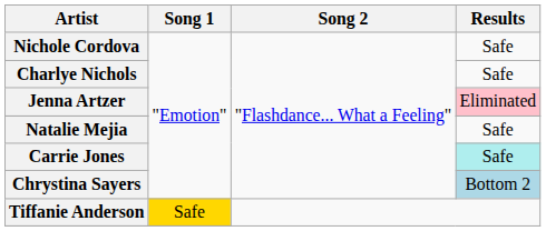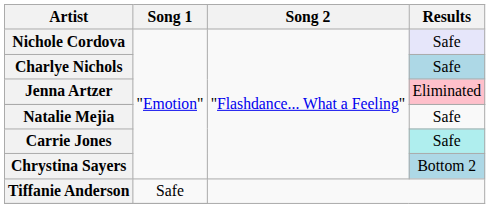 <table class="wikitable plainrowheaders" style="text-align:center;">
 <tr>
 <th scope="col">Artist</th>
 <th scope="col">Song 1</th>
 <th scope="col">Song 2</th>
 <th scope="col">Results</th>
 </tr>
 <tr>
 <th scope="row">Nichole Cordova</th>
 <td rowspan="7">"<a href='#'>Emotion</a>"</td>
 <td rowspan="7">"<a href='#'>Flashdance... What a Feeling</a>"</td>
-<td>Safe</td>
+<td style="background: lavender;">Safe</td>
 </tr>
 <tr>
 <th scope="row">Charlye Nichols</th>
-<td>Safe</td>
+<td style="background: lightblue;">Safe</td>
 </tr>
 <tr>
 <th scope="row">Jenna Artzer</th>
 <td style="background:pink;">Eliminated</td>
 </tr>
 <tr>
 </tr>
 <tr>
 <th scope="row">Natalie Mejia</th>
 <td>Safe</td>
 </tr>
 <tr>
 <th scope="row">Carrie Jones</th>
 <td style="background: paleturquoise;">Safe</td>
 </tr>
 <tr>
 <th scope="row">Chrystina Sayers</th>
 <td style="background:lightblue;">Bottom 2</td>
 </tr>
 <tr>
 <th scope="row">Tiffanie Anderson</th>
-<td style="background: gold;">Safe</td>
+<td>Safe</td>
 </tr>
 <tr>
 </tr>
 </table>
